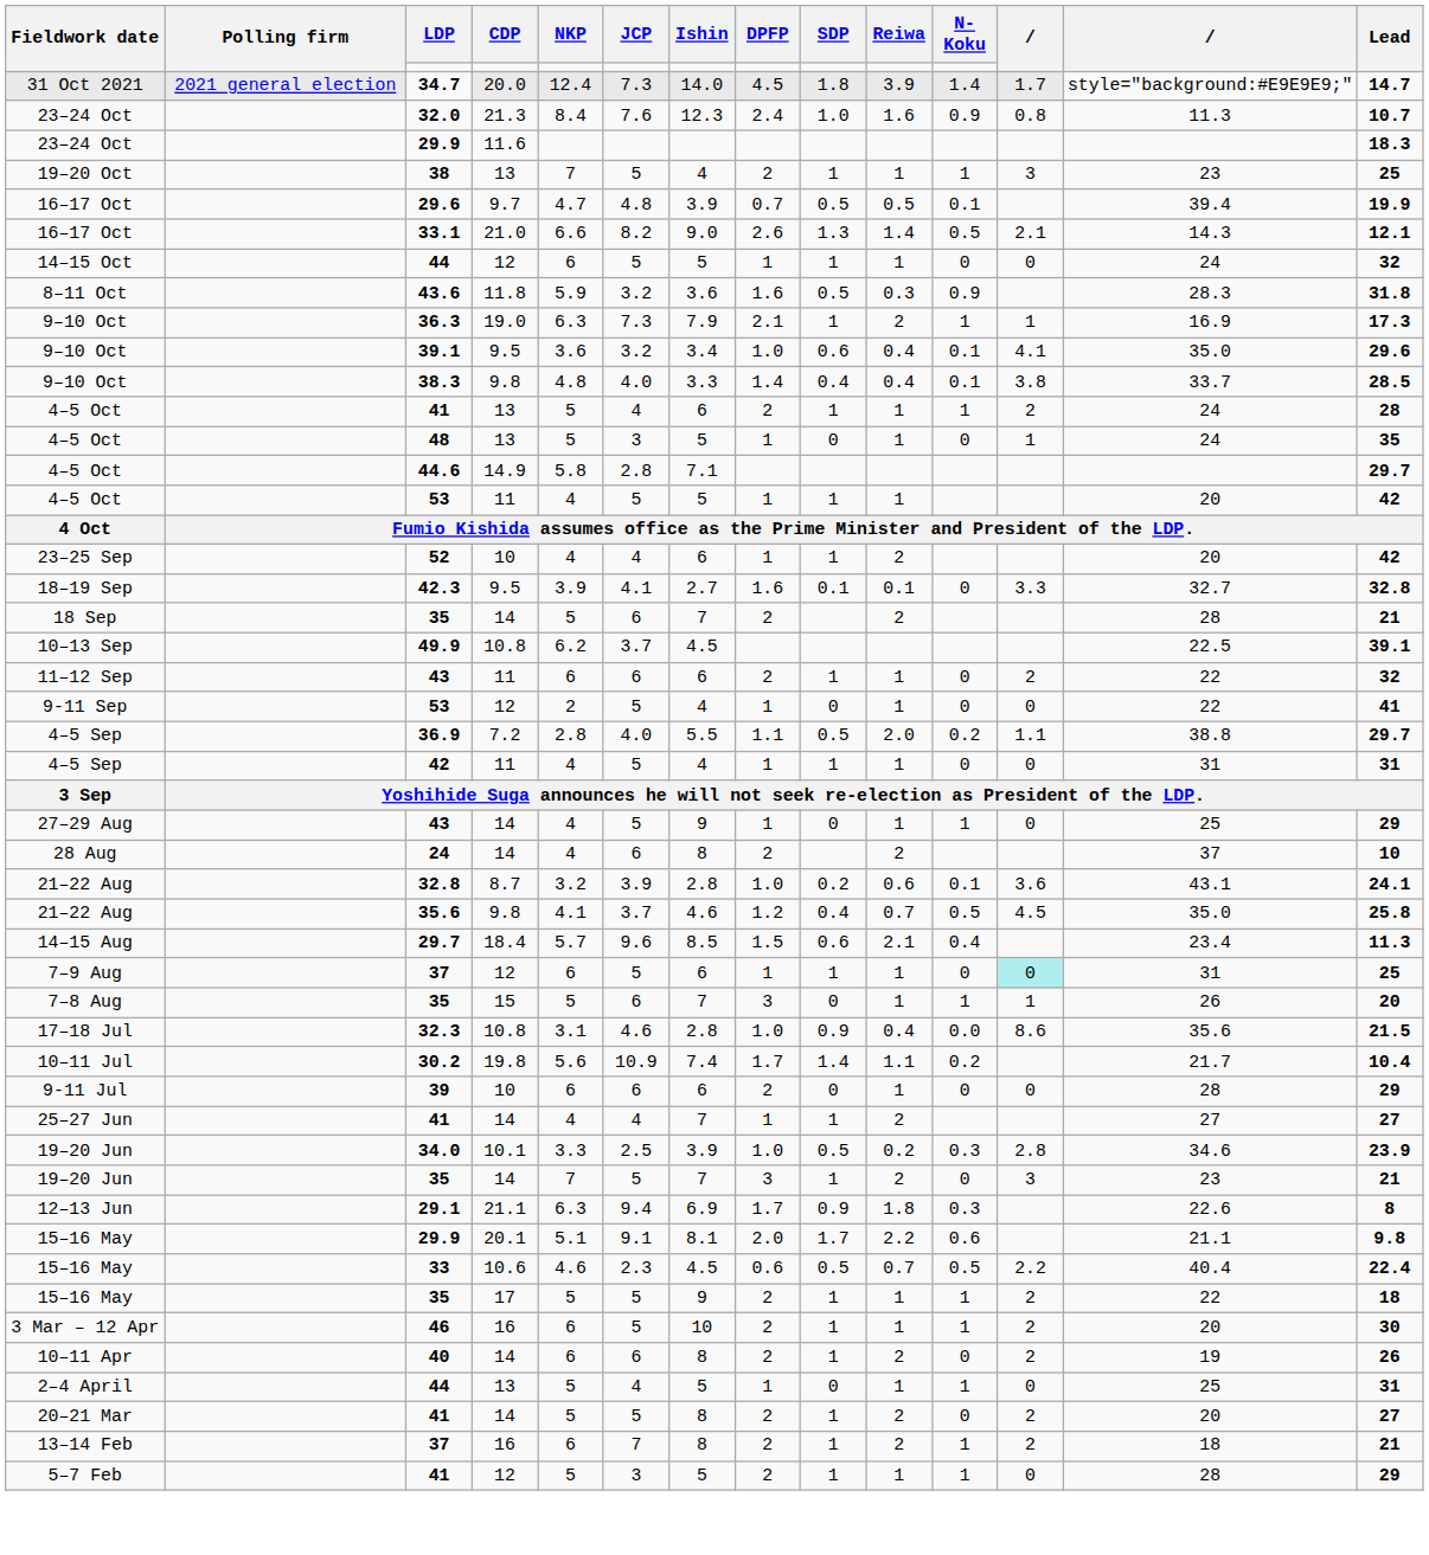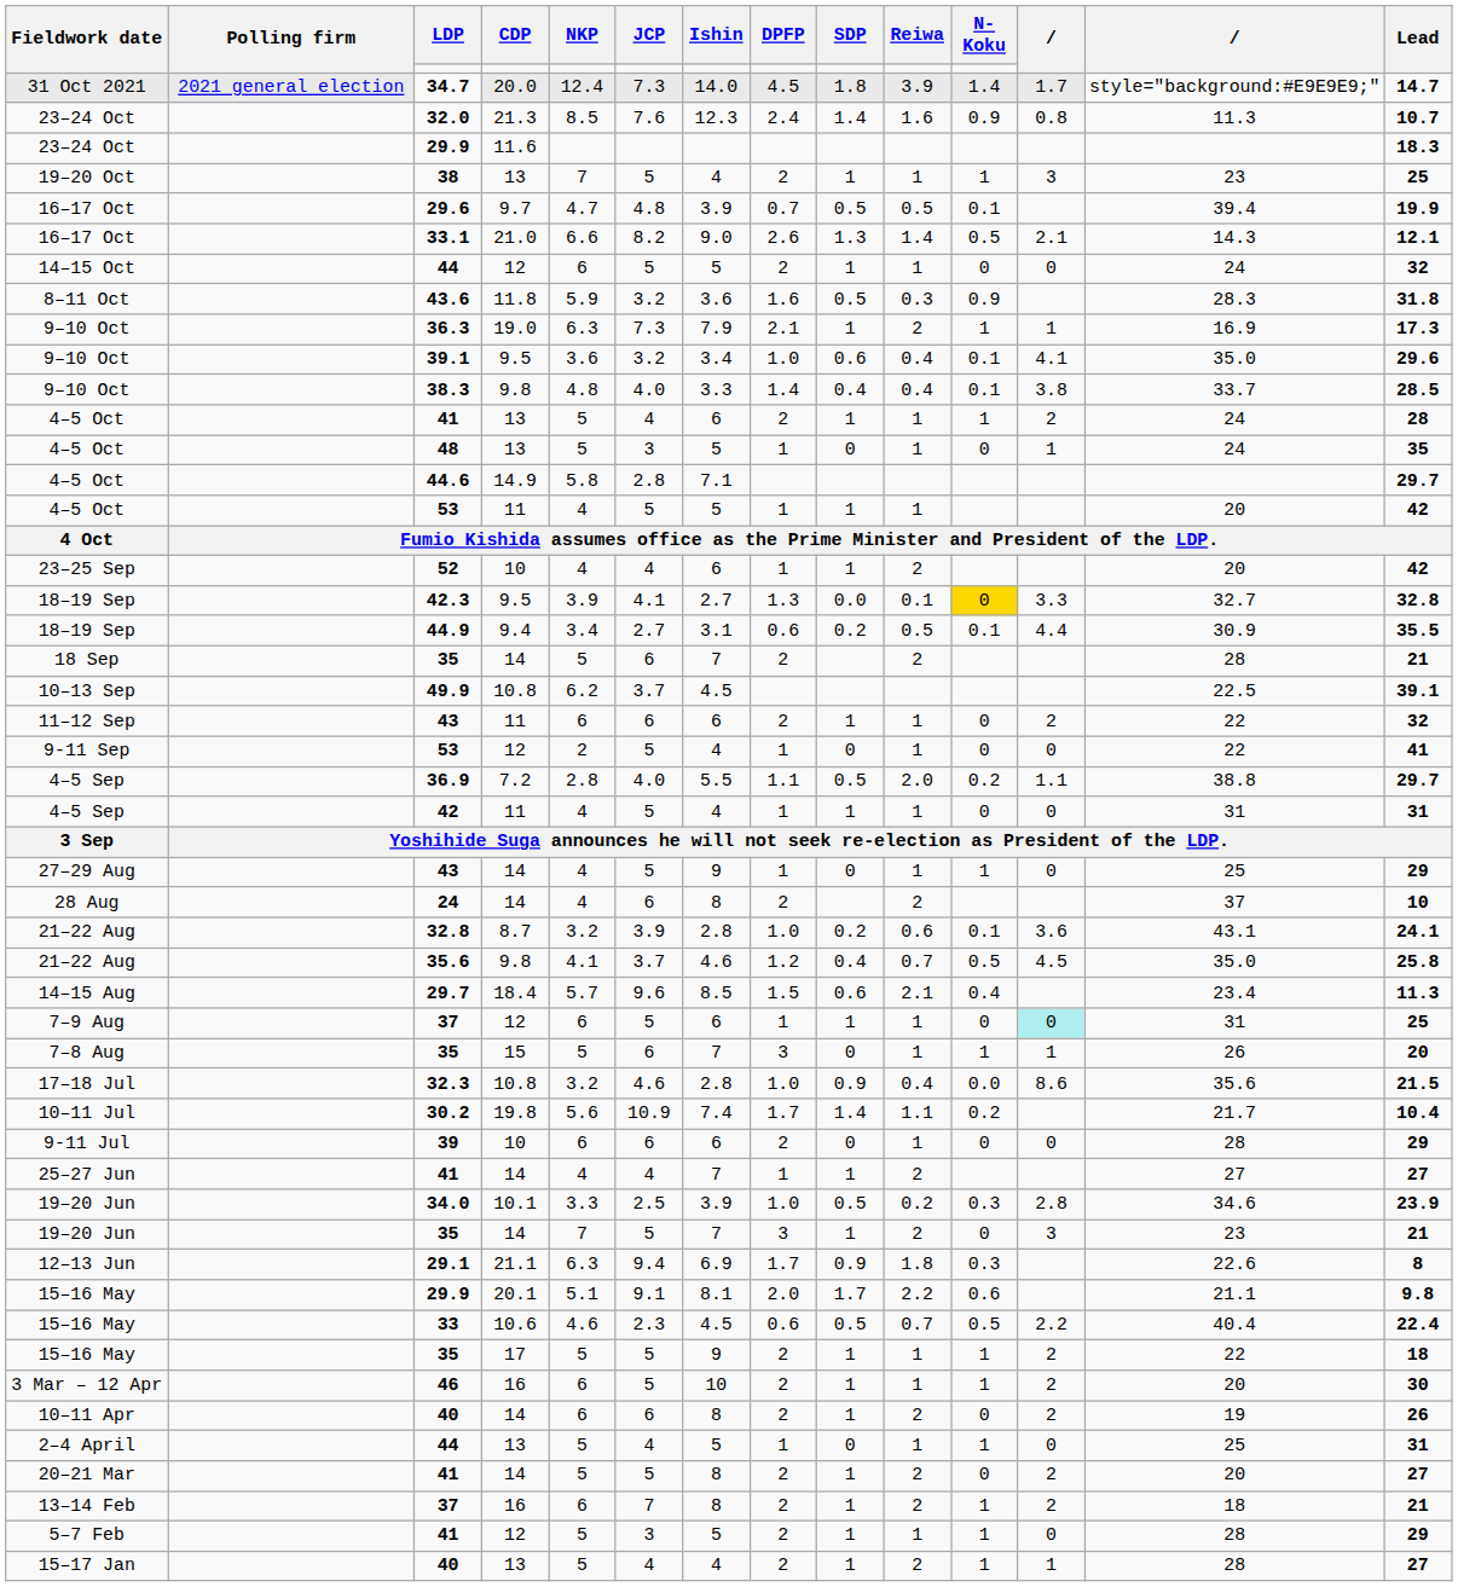 <table class="wikitable mw-datatable" style="text-align:center;font-size:90%;line-height:14px;">
 <tr style="height:38px;">
 <th rowspan="2" class="unsortable" width="100px">Fieldwork date</th>
 <th rowspan="2" class="unsortable" width="155px">Polling firm</th>
 <th class="unsortable" width="38px"><a href='#'>LDP</a></th>
 <th class="unsortable" width="38px"><a href='#'>CDP</a></th>
 <th class="unsortable" width="38px"><a href='#'>NKP</a></th>
 <th class="unsortable" width="38px"><a href='#'>JCP</a></th>
 <th class="unsortable" width="38px"><a href='#'>Ishin</a></th>
 <th class="unsortable" width="38px"><a href='#'>DPFP</a></th>
 <th class="unsortable" width="38px"><a href='#'>SDP</a></th>
 <th class="unsortable" width="38px"><a href='#'>Reiwa</a></th>
 <th class="unsortable" width="38px"><a href='#'>N-Koku</a></th>
 <th rowspan="2" class="unsortable" width="38px">/<br></th>
 <th rowspan="2" class="unsortable" width="38px">/<br></th>
 <th rowspan="2" class="unsortable" width="38px">Lead</th>
 </tr>
 <tr>
 <td style="background-color: "></td>
 <td style="background-color: "></td>
 <td style="background-color: "></td>
 <td style="background-color: "></td>
 <td style="background-color: "></td>
 <td style="background-color: "></td>
 <td style="background-color: "></td>
 <td style="background-color: "></td>
 <td style="background-color: "></td>
 </tr>
 <tr>
 <td style="background:#E9E9E9;" data-sort-value="2021-10-31">31 Oct 2021</td>
 <td style="background:#E9E9E9;"><a href='#'>2021 general election</a></td>
 <td><strong>34.7</strong></td>
 <td style="background:#E9E9E9;">20.0</td>
 <td style="background:#E9E9E9;">12.4</td>
 <td style="background:#E9E9E9;">7.3</td>
 <td style="background:#E9E9E9;">14.0</td>
 <td style="background:#E9E9E9;">4.5</td>
 <td style="background:#E9E9E9;">1.8</td>
 <td style="background:#E9E9E9;">3.9</td>
 <td style="background:#E9E9E9;">1.4</td>
 <td style="background:#E9E9E9;">1.7</td>
 <td>style="background:#E9E9E9;" </td>
 <td style="background:"><strong>14.7</strong></td>
 </tr>
 <tr>
 <td>23–24 Oct</td>
 <td></td>
 <td><strong>32.0</strong></td>
 <td>21.3</td>
-<td>8.4</td>
+<td>8.5</td>
 <td>7.6</td>
 <td>12.3</td>
 <td>2.4</td>
-<td>1.0</td>
+<td>1.4</td>
 <td>1.6</td>
 <td>0.9</td>
 <td>0.8</td>
 <td>11.3</td>
 <td style="background:"><strong>10.7</strong></td>
 </tr>
 <tr>
 <td>23–24 Oct</td>
 <td> </td>
 <td><strong>29.9</strong></td>
 <td>11.6</td>
 <td></td>
 <td></td>
 <td></td>
 <td></td>
 <td></td>
 <td></td>
 <td></td>
 <td></td>
 <td></td>
 <td style="background:"><strong>18.3</strong></td>
 </tr>
 <tr>
 <td>19–20 Oct</td>
 <td></td>
 <td><strong>38</strong></td>
 <td>13</td>
 <td>7</td>
 <td>5</td>
 <td>4</td>
 <td>2</td>
 <td>1</td>
 <td>1</td>
 <td>1</td>
 <td>3</td>
 <td>23</td>
 <td style="background:"><strong>25</strong></td>
 </tr>
 <tr>
 <td>16–17 Oct</td>
 <td></td>
 <td><strong>29.6</strong></td>
 <td>9.7</td>
 <td>4.7</td>
 <td>4.8</td>
 <td>3.9</td>
 <td>0.7</td>
 <td>0.5</td>
 <td>0.5</td>
 <td>0.1</td>
 <td></td>
 <td>39.4</td>
 <td style="background:"><strong>19.9</strong></td>
 </tr>
 <tr>
 <td>16–17 Oct</td>
 <td></td>
 <td><strong>33.1</strong></td>
 <td>21.0</td>
 <td>6.6</td>
 <td>8.2</td>
 <td>9.0</td>
 <td>2.6</td>
 <td>1.3</td>
 <td>1.4</td>
 <td>0.5</td>
 <td>2.1</td>
 <td>14.3</td>
 <td style="background:"><strong>12.1</strong></td>
 </tr>
 <tr>
 <td>14–15 Oct</td>
 <td></td>
 <td><strong>44</strong></td>
 <td>12</td>
 <td>6</td>
 <td>5</td>
 <td>5</td>
-<td>1</td>
+<td>2</td>
 <td>1</td>
 <td>1</td>
 <td>0</td>
 <td>0</td>
 <td>24</td>
 <td style="background:"><strong>32</strong></td>
 </tr>
 <tr>
 <td>8–11 Oct</td>
 <td> </td>
 <td><strong>43.6</strong></td>
 <td>11.8</td>
 <td>5.9</td>
 <td>3.2</td>
 <td>3.6</td>
 <td>1.6</td>
 <td>0.5</td>
 <td>0.3</td>
 <td>0.9</td>
 <td></td>
 <td>28.3</td>
 <td style="background:"><strong>31.8</strong></td>
 </tr>
 <tr>
 <td>9–10 Oct</td>
 <td> </td>
 <td><strong>36.3</strong></td>
 <td>19.0</td>
 <td>6.3</td>
 <td>7.3</td>
 <td>7.9</td>
 <td>2.1</td>
 <td>1</td>
 <td>2</td>
 <td>1</td>
 <td>1</td>
 <td>16.9</td>
 <td style="background:"><strong>17.3</strong></td>
 </tr>
 <tr>
 <td>9–10 Oct</td>
 <td></td>
 <td><strong>39.1</strong></td>
 <td>9.5</td>
 <td>3.6</td>
 <td>3.2</td>
 <td>3.4</td>
 <td>1.0</td>
 <td>0.6</td>
 <td>0.4</td>
 <td>0.1</td>
 <td>4.1</td>
 <td>35.0</td>
 <td style="background:"><strong>29.6</strong></td>
 </tr>
 <tr>
 <td>9–10 Oct</td>
 <td></td>
 <td><strong>38.3</strong></td>
 <td>9.8</td>
 <td>4.8</td>
 <td>4.0</td>
 <td>3.3</td>
 <td>1.4</td>
 <td>0.4</td>
 <td>0.4</td>
 <td>0.1</td>
 <td>3.8</td>
 <td>33.7</td>
 <td style="background:"><strong>28.5</strong></td>
 </tr>
 <tr>
 <td>4–5 Oct</td>
 <td></td>
 <td><strong>41</strong></td>
 <td>13</td>
 <td>5</td>
 <td>4</td>
 <td>6</td>
 <td>2</td>
 <td>1</td>
 <td>1</td>
 <td>1</td>
 <td>2</td>
 <td>24</td>
 <td style="background:"><strong>28</strong></td>
 </tr>
 <tr>
 <td>4–5 Oct</td>
 <td></td>
 <td><strong>48</strong></td>
 <td>13</td>
 <td>5</td>
 <td>3</td>
 <td>5</td>
 <td>1</td>
 <td>0</td>
 <td>1</td>
 <td>0</td>
 <td>1</td>
 <td>24</td>
 <td style="background:"><strong>35</strong></td>
 </tr>
 <tr>
 <td>4–5 Oct</td>
 <td></td>
 <td><strong>44.6</strong></td>
 <td>14.9</td>
 <td>5.8</td>
 <td>2.8</td>
 <td>7.1</td>
 <td></td>
 <td></td>
 <td></td>
 <td></td>
 <td></td>
 <td></td>
 <td style="background:"><strong>29.7</strong></td>
 </tr>
 <tr>
 <td>4–5 Oct</td>
 <td></td>
 <td><strong>53</strong></td>
 <td>11</td>
 <td>4</td>
 <td>5</td>
 <td>5</td>
 <td>1</td>
 <td>1</td>
 <td>1</td>
 <td></td>
 <td></td>
 <td>20</td>
 <td style="background:"><strong>42</strong></td>
 </tr>
 <tr>
 <th>4 Oct</th>
 <th colspan="13"><a href='#'>Fumio Kishida</a> assumes office as the Prime Minister and President of the <a href='#'>LDP</a>.</th>
 </tr>
 <tr>
 <td>23–25 Sep</td>
 <td></td>
 <td><strong>52</strong></td>
 <td>10</td>
 <td>4</td>
 <td>4</td>
 <td>6</td>
 <td>1</td>
 <td>1</td>
 <td>2</td>
 <td></td>
 <td></td>
 <td>20</td>
 <td style="background:"><strong>42</strong></td>
 </tr>
 <tr>
 <td>18–19 Sep</td>
 <td></td>
 <td><strong>42.3</strong></td>
 <td>9.5</td>
 <td>3.9</td>
 <td>4.1</td>
 <td>2.7</td>
-<td>1.6</td>
+<td>1.3</td>
+<td>0.0</td>
 <td>0.1</td>
-<td>0.1</td>
-<td>0</td>
+<td style="background: gold;">0</td>
 <td>3.3</td>
 <td>32.7</td>
 <td style="background:"><strong>32.8</strong></td>
+</tr>
+<tr>
+<td>18–19 Sep</td>
+<td></td>
+<td><strong>44.9</strong></td>
+<td>9.4</td>
+<td>3.4</td>
+<td>2.7</td>
+<td>3.1</td>
+<td>0.6</td>
+<td>0.2</td>
+<td>0.5</td>
+<td>0.1</td>
+<td>4.4</td>
+<td>30.9</td>
+<td style="background:"><strong>35.5</strong></td>
 </tr>
 <tr>
 <td>18 Sep</td>
 <td></td>
 <td><strong>35</strong></td>
 <td>14</td>
 <td>5</td>
 <td>6</td>
 <td>7</td>
 <td>2</td>
 <td></td>
 <td>2</td>
 <td></td>
 <td></td>
 <td>28</td>
 <td style="background:"><strong>21</strong></td>
 </tr>
 <tr>
 <td>10–13 Sep</td>
 <td> </td>
 <td><strong>49.9</strong></td>
 <td>10.8</td>
 <td>6.2</td>
 <td>3.7</td>
 <td>4.5</td>
 <td></td>
 <td></td>
 <td></td>
 <td></td>
 <td></td>
 <td>22.5</td>
 <td style="background:"><strong>39.1</strong></td>
 </tr>
 <tr>
 <td>11–12 Sep</td>
 <td></td>
 <td><strong>43</strong></td>
 <td>11</td>
 <td>6</td>
 <td>6</td>
 <td>6</td>
 <td>2</td>
 <td>1</td>
 <td>1</td>
 <td>0</td>
 <td>2</td>
 <td>22</td>
 <td style="background:"><strong>32</strong></td>
 </tr>
 <tr>
 <td>9-11 Sep</td>
 <td></td>
 <td><strong>53</strong></td>
 <td>12</td>
 <td>2</td>
 <td>5</td>
 <td>4</td>
 <td>1</td>
 <td>0</td>
 <td>1</td>
 <td>0</td>
 <td>0</td>
 <td>22</td>
 <td style="background:"><strong>41</strong></td>
 </tr>
 <tr>
 <td>4–5 Sep</td>
 <td> </td>
 <td><strong>36.9</strong></td>
 <td>7.2</td>
 <td>2.8</td>
 <td>4.0</td>
 <td>5.5</td>
 <td>1.1</td>
 <td>0.5</td>
 <td>2.0</td>
 <td>0.2</td>
 <td>1.1</td>
 <td>38.8</td>
 <td style="background:"><strong>29.7</strong></td>
 </tr>
 <tr>
 <td>4–5 Sep</td>
 <td></td>
 <td><strong>42</strong></td>
 <td>11</td>
 <td>4</td>
 <td>5</td>
 <td>4</td>
 <td>1</td>
 <td>1</td>
 <td>1</td>
 <td>0</td>
 <td>0</td>
 <td>31</td>
 <td style="background:"><strong>31</strong></td>
 </tr>
 <tr>
 <th>3 Sep</th>
 <th colspan="13"><a href='#'>Yoshihide Suga</a> announces he will not seek re-election as President of the <a href='#'>LDP</a>.</th>
 </tr>
 <tr>
 <td>27–29 Aug</td>
 <td></td>
 <td><strong>43</strong></td>
 <td>14</td>
 <td>4</td>
 <td>5</td>
 <td>9</td>
 <td>1</td>
 <td>0</td>
 <td>1</td>
 <td>1</td>
 <td>0</td>
 <td>25</td>
 <td style="background:"><strong>29</strong></td>
 </tr>
 <tr>
 <td>28 Aug</td>
 <td></td>
 <td><strong>24</strong></td>
 <td>14</td>
 <td>4</td>
 <td>6</td>
 <td>8</td>
 <td>2</td>
 <td></td>
 <td>2</td>
 <td></td>
 <td></td>
 <td>37</td>
 <td style="background:"><strong>10</strong></td>
 </tr>
 <tr>
 <td>21–22 Aug</td>
 <td></td>
 <td><strong>32.8</strong></td>
 <td>8.7</td>
 <td>3.2</td>
 <td>3.9</td>
 <td>2.8</td>
 <td>1.0</td>
 <td>0.2</td>
 <td>0.6</td>
 <td>0.1</td>
 <td>3.6</td>
 <td>43.1</td>
 <td style="background:"><strong>24.1</strong></td>
 </tr>
 <tr>
 <td>21–22 Aug</td>
 <td></td>
 <td><strong>35.6</strong></td>
 <td>9.8</td>
 <td>4.1</td>
 <td>3.7</td>
 <td>4.6</td>
 <td>1.2</td>
 <td>0.4</td>
 <td>0.7</td>
 <td>0.5</td>
 <td>4.5</td>
 <td>35.0</td>
 <td style="background:"><strong>25.8</strong></td>
 </tr>
 <tr>
 <td>14–15 Aug</td>
 <td></td>
 <td><strong>29.7</strong></td>
 <td>18.4</td>
 <td>5.7</td>
 <td>9.6</td>
 <td>8.5</td>
 <td>1.5</td>
 <td>0.6</td>
 <td>2.1</td>
 <td>0.4</td>
 <td></td>
 <td>23.4</td>
 <td style="background:"><strong>11.3</strong></td>
 </tr>
 <tr>
 <td>7–9 Aug</td>
 <td></td>
 <td><strong>37</strong></td>
 <td>12</td>
 <td>6</td>
 <td>5</td>
 <td>6</td>
 <td>1</td>
 <td>1</td>
 <td>1</td>
 <td>0</td>
 <td style="background: paleturquoise;">0</td>
 <td>31</td>
 <td style="background:"><strong>25</strong></td>
 </tr>
 <tr>
 <td>7–8 Aug</td>
 <td></td>
 <td><strong>35</strong></td>
 <td>15</td>
 <td>5</td>
 <td>6</td>
 <td>7</td>
 <td>3</td>
 <td>0</td>
 <td>1</td>
 <td>1</td>
 <td>1</td>
 <td>26</td>
 <td style="background:"><strong>20</strong></td>
 </tr>
 <tr>
 <td>17–18 Jul</td>
 <td></td>
 <td><strong>32.3</strong></td>
 <td>10.8</td>
-<td>3.1</td>
+<td>3.2</td>
 <td>4.6</td>
 <td>2.8</td>
 <td>1.0</td>
 <td>0.9</td>
 <td>0.4</td>
 <td>0.0</td>
 <td>8.6</td>
 <td>35.6</td>
 <td style="background:"><strong>21.5</strong></td>
 </tr>
 <tr>
 <td>10–11 Jul</td>
 <td></td>
 <td><strong>30.2</strong></td>
 <td>19.8</td>
 <td>5.6</td>
 <td>10.9</td>
 <td>7.4</td>
 <td>1.7</td>
 <td>1.4</td>
 <td>1.1</td>
 <td>0.2</td>
 <td></td>
 <td>21.7</td>
 <td style="background:"><strong>10.4</strong></td>
 </tr>
 <tr>
 <td>9-11 Jul</td>
 <td></td>
 <td><strong>39</strong></td>
 <td>10</td>
 <td>6</td>
 <td>6</td>
 <td>6</td>
 <td>2</td>
 <td>0</td>
 <td>1</td>
 <td>0</td>
 <td>0</td>
 <td>28</td>
 <td style="background:"><strong>29</strong></td>
 </tr>
 <tr>
 <td>25–27 Jun</td>
 <td></td>
 <td><strong>41</strong></td>
 <td>14</td>
 <td>4</td>
 <td>4</td>
 <td>7</td>
 <td>1</td>
 <td>1</td>
 <td>2</td>
 <td></td>
 <td></td>
 <td>27</td>
 <td style="background:"><strong>27</strong></td>
 </tr>
 <tr>
 <td>19–20 Jun</td>
 <td></td>
 <td><strong>34.0</strong></td>
 <td>10.1</td>
 <td>3.3</td>
 <td>2.5</td>
 <td>3.9</td>
 <td>1.0</td>
 <td>0.5</td>
 <td>0.2</td>
 <td>0.3</td>
 <td>2.8</td>
 <td>34.6</td>
 <td style="background:"><strong>23.9</strong></td>
 </tr>
 <tr>
 <td>19–20 Jun</td>
 <td></td>
 <td><strong>35</strong></td>
 <td>14</td>
 <td>7</td>
 <td>5</td>
 <td>7</td>
 <td>3</td>
 <td>1</td>
 <td>2</td>
 <td>0</td>
 <td>3</td>
 <td>23</td>
 <td style="background:"><strong>21</strong></td>
 </tr>
 <tr>
 <td>12–13 Jun</td>
 <td></td>
 <td><strong>29.1</strong></td>
 <td>21.1</td>
 <td>6.3</td>
 <td>9.4</td>
 <td>6.9</td>
 <td>1.7</td>
 <td>0.9</td>
 <td>1.8</td>
 <td>0.3</td>
 <td></td>
 <td>22.6</td>
 <td style="background:"><strong>8</strong></td>
 </tr>
 <tr>
 <td>15–16 May</td>
 <td></td>
 <td><strong>29.9</strong></td>
 <td>20.1</td>
 <td>5.1</td>
 <td>9.1</td>
 <td>8.1</td>
 <td>2.0</td>
 <td>1.7</td>
 <td>2.2</td>
 <td>0.6</td>
 <td></td>
 <td>21.1</td>
 <td style="background:"><strong>9.8</strong></td>
 </tr>
 <tr>
 <td>15–16 May</td>
 <td></td>
 <td><strong>33</strong></td>
 <td>10.6</td>
 <td>4.6</td>
 <td>2.3</td>
 <td>4.5</td>
 <td>0.6</td>
 <td>0.5</td>
 <td>0.7</td>
 <td>0.5</td>
 <td>2.2</td>
 <td>40.4</td>
 <td style="background:"><strong>22.4</strong></td>
 </tr>
 <tr>
 <td>15–16 May</td>
 <td></td>
 <td><strong>35</strong></td>
 <td>17</td>
 <td>5</td>
 <td>5</td>
 <td>9</td>
 <td>2</td>
 <td>1</td>
 <td>1</td>
 <td>1</td>
 <td>2</td>
 <td>22</td>
 <td style="background:"><strong>18</strong></td>
 </tr>
 <tr>
 <td>3 Mar – 12 Apr</td>
 <td></td>
 <td><strong>46</strong></td>
 <td>16</td>
 <td>6</td>
 <td>5</td>
 <td>10</td>
 <td>2</td>
 <td>1</td>
 <td>1</td>
 <td>1</td>
 <td>2</td>
 <td>20</td>
 <td style="background:"><strong>30</strong></td>
 </tr>
 <tr>
 <td>10–11 Apr</td>
 <td></td>
 <td><strong>40</strong></td>
 <td>14</td>
 <td>6</td>
 <td>6</td>
 <td>8</td>
 <td>2</td>
 <td>1</td>
 <td>2</td>
 <td>0</td>
 <td>2</td>
 <td>19</td>
 <td style="background:"><strong>26</strong></td>
 </tr>
 <tr>
 <td>2–4 April</td>
 <td></td>
 <td><strong>44</strong></td>
 <td>13</td>
 <td>5</td>
 <td>4</td>
 <td>5</td>
 <td>1</td>
 <td>0</td>
 <td>1</td>
 <td>1</td>
 <td>0</td>
 <td>25</td>
 <td style="background:"><strong>31</strong></td>
 </tr>
 <tr>
 <td>20–21 Mar</td>
 <td></td>
 <td><strong>41</strong></td>
 <td>14</td>
 <td>5</td>
 <td>5</td>
 <td>8</td>
 <td>2</td>
 <td>1</td>
 <td>2</td>
 <td>0</td>
 <td>2</td>
 <td>20</td>
 <td style="background:"><strong>27</strong></td>
 </tr>
 <tr>
 <td>13–14 Feb</td>
 <td></td>
 <td><strong>37</strong></td>
 <td>16</td>
 <td>6</td>
 <td>7</td>
 <td>8</td>
 <td>2</td>
 <td>1</td>
 <td>2</td>
 <td>1</td>
 <td>2</td>
 <td>18</td>
 <td style="background:"><strong>21</strong></td>
 </tr>
 <tr>
 <td>5–7 Feb</td>
 <td></td>
 <td><strong>41</strong></td>
 <td>12</td>
 <td>5</td>
 <td>3</td>
 <td>5</td>
 <td>2</td>
 <td>1</td>
 <td>1</td>
 <td>1</td>
 <td>0</td>
 <td>28</td>
 <td style="background:"><strong>29</strong></td>
 </tr>
+<tr>
+<td>15–17 Jan</td>
+<td></td>
+<td><strong>40</strong></td>
+<td>13</td>
+<td>5</td>
+<td>4</td>
+<td>4</td>
+<td>2</td>
+<td>1</td>
+<td>2</td>
+<td>1</td>
+<td>1</td>
+<td>28</td>
+<td style="background:"><strong>27</strong></td>
+</tr>
 </table>
